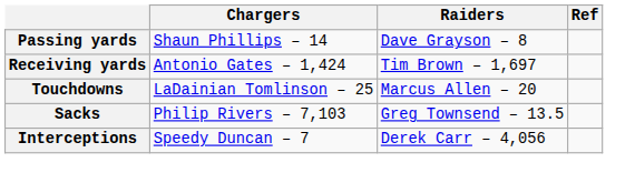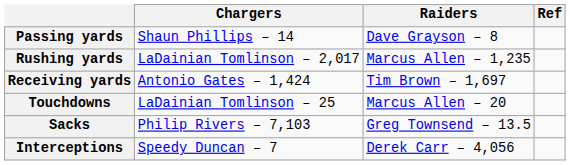 <table class="wikitable" style="font-size: 95%; border: none;">
 <tr>
 <th style="border: none;"></th>
 <th scope="col">Chargers</th>
 <th scope="col">Raiders</th>
 <th>Ref</th>
 </tr>
 <tr>
 <th scope="row">Passing yards</th>
 <td><a href='#'>Shaun Phillips</a> – 14</td>
 <td><a href='#'>Dave Grayson</a> – 8</td>
+<td></td>
+</tr>
+<tr>
+<th scope="row">Rushing yards</th>
+<td><a href='#'>LaDainian Tomlinson</a> – 2,017</td>
+<td><a href='#'>Marcus Allen</a> – 1,235</td>
 <td></td>
 </tr>
 <tr>
 <th scope="row">Receiving yards</th>
 <td><a href='#'>Antonio Gates</a> – 1,424</td>
 <td><a href='#'>Tim Brown</a> – 1,697</td>
 <td></td>
 </tr>
 <tr>
 <th scope="row">Touchdowns</th>
 <td><a href='#'>LaDainian Tomlinson</a> – 25</td>
 <td><a href='#'>Marcus Allen</a> – 20</td>
 <td></td>
 </tr>
 <tr>
 <th scope="row">Sacks</th>
 <td><a href='#'>Philip Rivers</a> – 7,103</td>
 <td><a href='#'>Greg Townsend</a> – 13.5</td>
 <td></td>
 </tr>
 <tr>
 <th scope="row">Interceptions</th>
 <td><a href='#'>Speedy Duncan</a> – 7</td>
 <td><a href='#'>Derek Carr</a> – 4,056</td>
 <td></td>
 </tr>
 </table>
